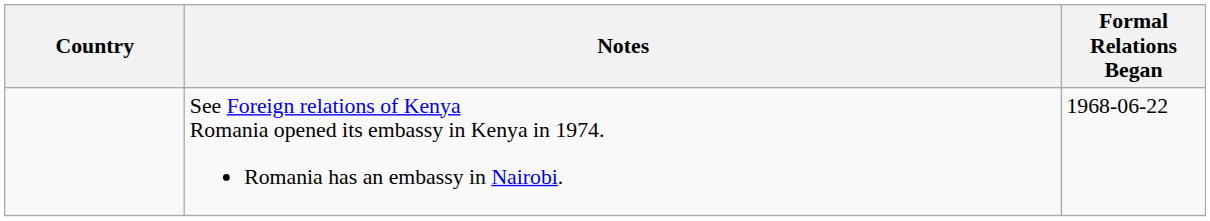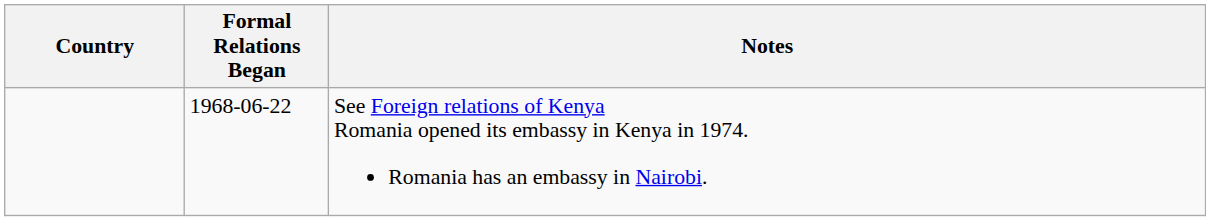 <table class="wikitable sortable" style="width:100%; margin:auto;">
 <tr>
 <th style="width:15%;">Country</th>
+<th style="width:12%;">Formal Relations Began</th>
 <th>Notes</th>
-<th style="width:12%;">Formal Relations Began</th>
 </tr>
 <tr valign="top">
 <td></td>
+<td>1968-06-22</td>
 <td>See <a href='#'>Foreign relations of Kenya</a><br>Romania opened its embassy in Kenya in 1974.<ul><li>Romania has an embassy in <a href='#'>Nairobi</a>.</li></ul></td>
-<td>1968-06-22</td>
 </tr>
 </table>
